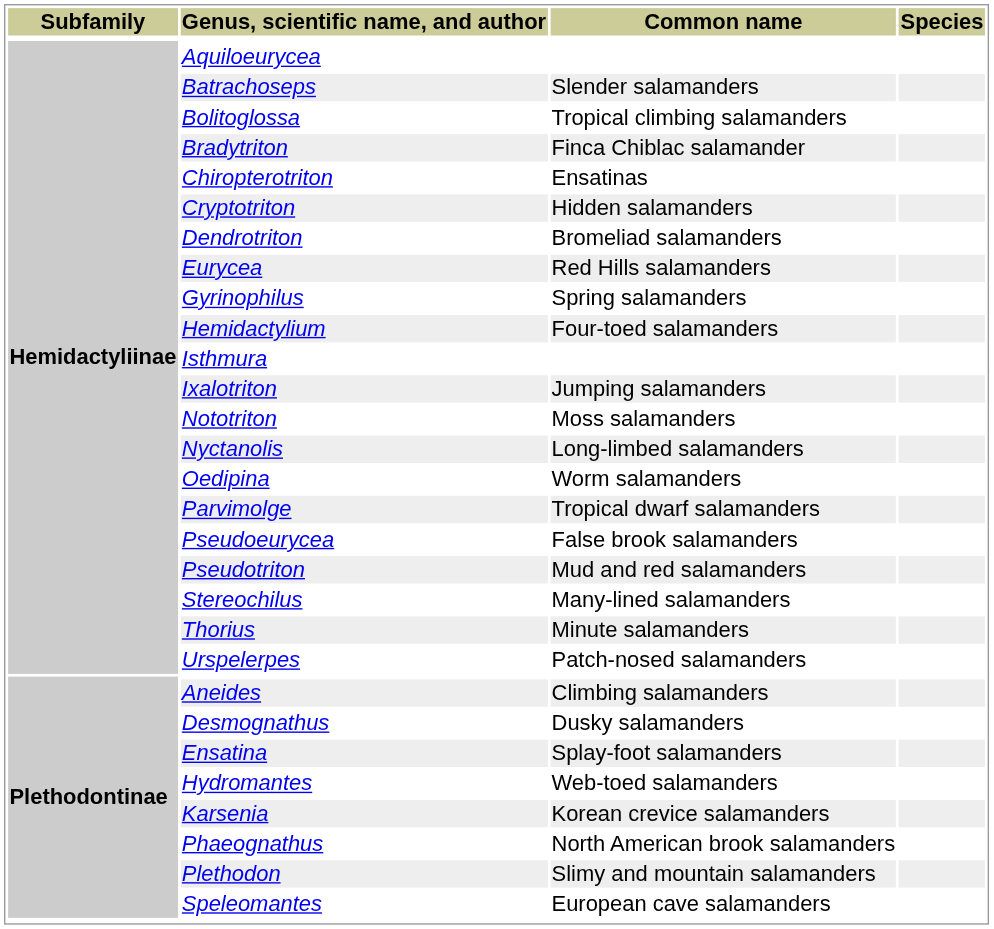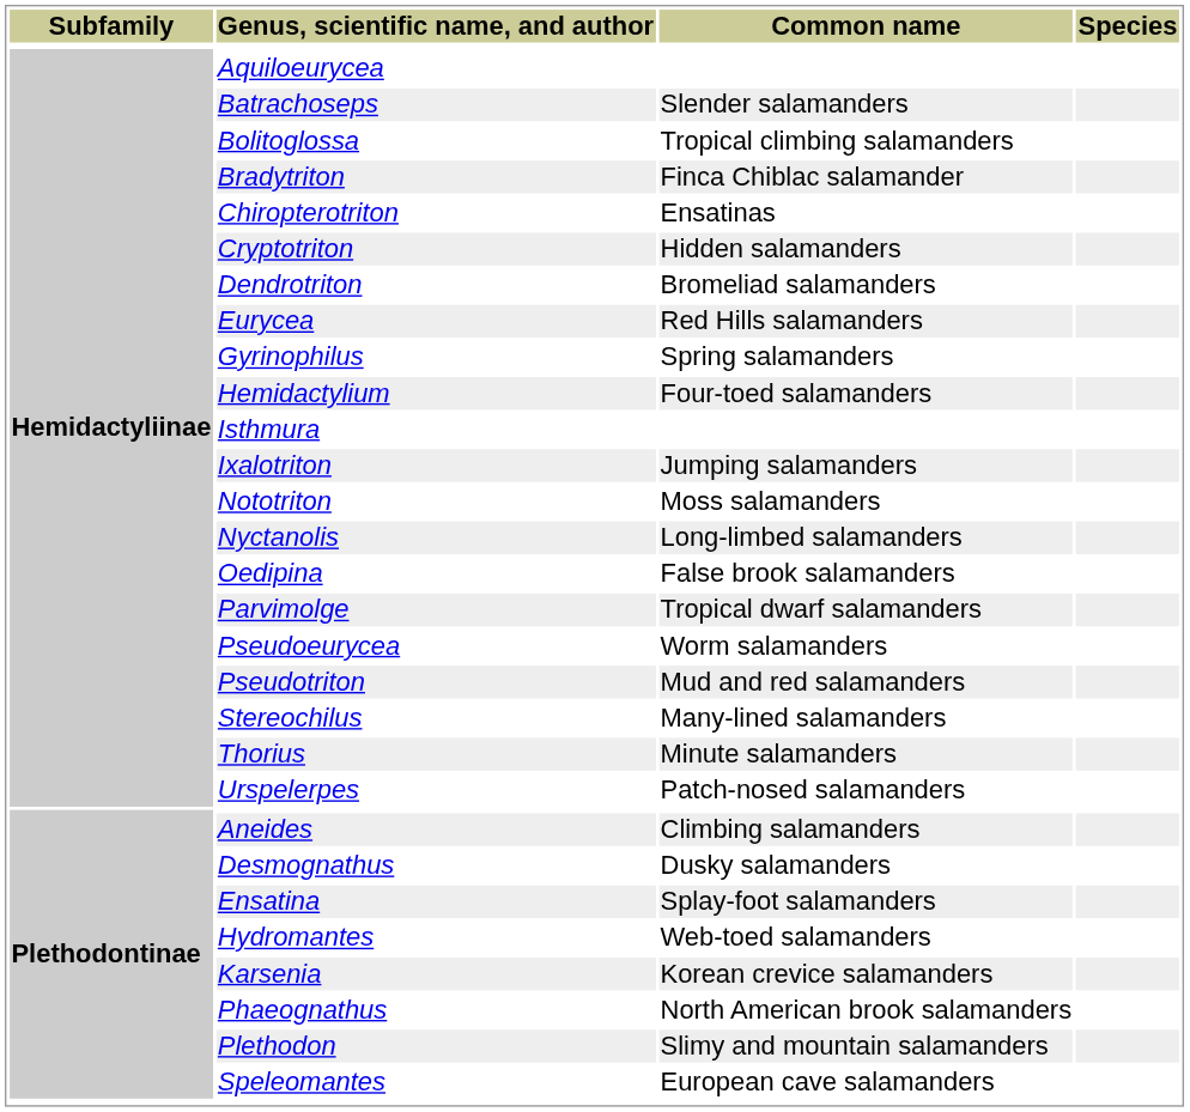 <table style="text-align:left; border:1px solid #999999; ">
 <tr style="background:#CCCC99; text-align: center; ">
 <th>Subfamily</th>
 <th>Genus, scientific name, and author</th>
 <th>Common name</th>
 <th>Species</th>
 </tr>
 <tr>
 </tr>
 <tr style="background:#EEEEEE;">
 <td rowspan=22 style="background:#CCCCCC;"><strong>Hemidactyliinae</strong><br> </td>
 </tr>
 <tr style="background:#FFFFFF;">
 <td><em><a href='#'>Aquiloeurycea</a></em> </td>
 <td></td>
 <td></td>
 </tr>
 <tr style="background:#EEEEEE;">
 <td><em><a href='#'>Batrachoseps</a></em> </td>
 <td>Slender salamanders</td>
 <td></td>
 </tr>
 <tr style="background:#FFFFFF;">
 <td><em><a href='#'>Bolitoglossa</a></em> </td>
 <td>Tropical climbing salamanders</td>
 <td></td>
 </tr>
 <tr style="background:#EEEEEE;">
 <td><em><a href='#'>Bradytriton</a></em> </td>
 <td>Finca Chiblac salamander</td>
 <td></td>
 </tr>
 <tr style="background:#FFFFFF;">
 <td><em><a href='#'>Chiropterotriton</a></em> </td>
 <td>Ensatinas</td>
 <td></td>
 </tr>
 <tr style="background:#EEEEEE;">
 <td><em><a href='#'>Cryptotriton</a></em> </td>
 <td>Hidden salamanders</td>
 <td></td>
 </tr>
 <tr style="background:#FFFFFF;">
 <td><em><a href='#'>Dendrotriton</a></em> </td>
 <td>Bromeliad salamanders</td>
 <td></td>
 </tr>
 <tr style="background:#EEEEEE;">
 <td><em><a href='#'>Eurycea</a></em> </td>
 <td>Red Hills salamanders</td>
 <td></td>
 </tr>
 <tr style="background:#FFFFFF;">
 <td><em><a href='#'>Gyrinophilus</a></em> </td>
 <td>Spring salamanders</td>
 <td></td>
 </tr>
 <tr style="background:#EEEEEE;">
 <td><em><a href='#'>Hemidactylium</a></em> </td>
 <td>Four-toed salamanders</td>
 <td></td>
 </tr>
 <tr style="background:#FFFFFF;">
 <td><em><a href='#'>Isthmura</a></em> </td>
 <td></td>
 <td></td>
 </tr>
 <tr style="background:#EEEEEE;">
 <td><em><a href='#'>Ixalotriton</a></em> </td>
 <td>Jumping salamanders</td>
 <td></td>
 </tr>
 <tr style="background:#FFFFFF;">
 <td><em><a href='#'>Nototriton</a></em> </td>
 <td>Moss salamanders</td>
 <td></td>
 </tr>
 <tr style="background:#EEEEEE;">
 <td><em><a href='#'>Nyctanolis</a></em> </td>
 <td>Long-limbed salamanders</td>
 <td></td>
 </tr>
 <tr style="background:#FFFFFF;">
 <td><em><a href='#'>Oedipina</a></em> </td>
-<td>Worm salamanders</td>
+<td>False brook salamanders</td>
 <td></td>
 </tr>
 <tr style="background:#EEEEEE;">
 <td><em><a href='#'>Parvimolge</a></em> </td>
 <td>Tropical dwarf salamanders</td>
 <td></td>
 </tr>
 <tr style="background:#FFFFFF;">
 <td><em><a href='#'>Pseudoeurycea</a></em> </td>
-<td>False brook salamanders</td>
+<td>Worm salamanders</td>
 <td></td>
 </tr>
 <tr style="background:#EEEEEE;">
 <td><em><a href='#'>Pseudotriton</a></em> </td>
 <td>Mud and red salamanders</td>
 <td></td>
 </tr>
 <tr style="background:#FFFFFF;">
 <td><em><a href='#'>Stereochilus</a></em> </td>
 <td>Many-lined salamanders</td>
 <td></td>
 </tr>
 <tr style="background:#EEEEEE;">
 <td><em><a href='#'>Thorius</a></em> </td>
 <td>Minute salamanders</td>
 <td></td>
 </tr>
 <tr style="background:#FFFFFF;">
 <td><em><a href='#'>Urspelerpes</a></em> </td>
 <td>Patch-nosed salamanders</td>
 <td></td>
 </tr>
 <tr style="background:#EEEEEE;">
 <td rowspan=9 style="background:#CCCCCC;"><strong>Plethodontinae</strong><br> </td>
 </tr>
 <tr style="background:#EEEEEE;">
 <td><em><a href='#'>Aneides</a></em> </td>
 <td>Climbing salamanders</td>
 <td></td>
 </tr>
 <tr style="background:#FFFFFF;">
 <td><em><a href='#'>Desmognathus</a></em> </td>
 <td>Dusky salamanders</td>
 <td></td>
 </tr>
 <tr style="background:#EEEEEE;">
 <td><em><a href='#'>Ensatina</a></em> </td>
 <td>Splay-foot salamanders</td>
 <td></td>
 </tr>
 <tr style="background:#FFFFFF;">
 <td><em><a href='#'>Hydromantes</a></em> </td>
 <td>Web-toed salamanders</td>
 <td></td>
 </tr>
 <tr style="background:#EEEEEE;">
 <td><em><a href='#'>Karsenia</a></em> </td>
 <td>Korean crevice salamanders</td>
 <td></td>
 </tr>
 <tr style="background:#FFFFFF;">
 <td><em><a href='#'>Phaeognathus</a></em> </td>
 <td>North American brook salamanders</td>
 <td></td>
 </tr>
 <tr style="background:#EEEEEE;">
 <td><em><a href='#'>Plethodon</a></em> </td>
 <td>Slimy and mountain salamanders</td>
 <td></td>
 </tr>
 <tr style="background:#FFFFFF;">
 <td><em><a href='#'>Speleomantes</a></em> </td>
 <td>European cave salamanders</td>
 <td></td>
 </tr>
 <tr style="background:#EEEEEE;">
 </tr>
 </table>
